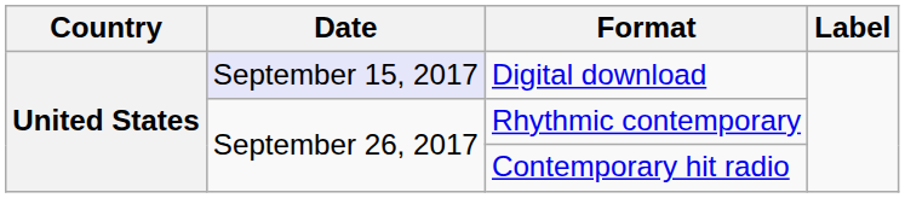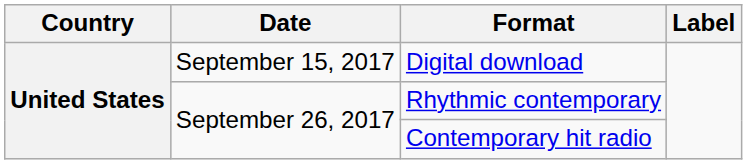 <table class="wikitable plainrowheaders unsortable">
 <tr>
 <th>Country</th>
 <th>Date</th>
 <th>Format</th>
 <th>Label</th>
 </tr>
 <tr>
 <th scope="row" rowspan="3">United States</th>
-<td style="background: lavender;">September 15, 2017</td>
+<td>September 15, 2017</td>
 <td><a href='#'>Digital download</a></td>
 <td rowspan="3"></td>
 </tr>
 <tr>
 <td rowspan="2">September 26, 2017</td>
 <td><a href='#'>Rhythmic contemporary</a></td>
 </tr>
 <tr>
 <td><a href='#'>Contemporary hit radio</a></td>
 </tr>
 </table>
